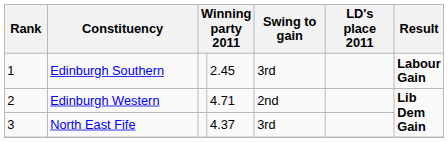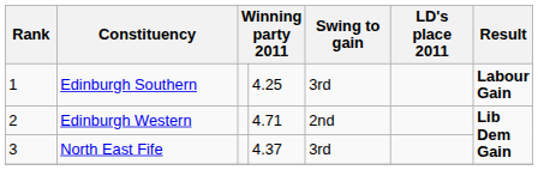 <table class="wikitable" style="width:550px">
 <tr>
 <th style="width:50px;">Rank</th>
 <th style="width:225px;">Constituency</th>
 <th colspan="2" style="width:175px;">Winning party 2011</th>
 <th style="width:100px;">Swing to gain</th>
 <th style="width:100px;">LD's place 2011</th>
 <th colspan="2" style="width:175px;">Result</th>
 </tr>
 <tr>
 <td>1</td>
 <td><a href='#'>Edinburgh Southern</a></td>
 <td></td>
-<td>2.45</td>
+<td>4.25</td>
 <td>3rd</td>
 <td style="background-color: "></td>
 <td><strong>Labour Gain</strong></td>
 </tr>
 <tr>
 <td>2</td>
 <td><a href='#'>Edinburgh Western</a></td>
 <td></td>
 <td>4.71</td>
 <td>2nd</td>
 <td style="background-color: "></td>
 <td rowspan="2"><strong>Lib Dem Gain</strong></td>
 </tr>
 <tr>
 <td>3</td>
 <td><a href='#'>North East Fife</a></td>
 <td></td>
 <td>4.37</td>
 <td>3rd</td>
 <td style="background-color: "></td>
 </tr>
 <tr>
 </tr>
 </table>
